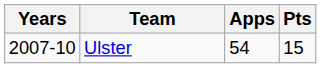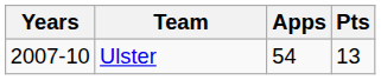 <table class="wikitable" style="text-align:left;">
 <tr>
 <th>Years</th>
 <th width=120px>Team</th>
 <th>Apps</th>
 <th>Pts</th>
 </tr>
 <tr>
 <td>2007-10</td>
 <td><a href='#'>Ulster</a></td>
 <td>54</td>
-<td>15</td>
+<td>13</td>
 </tr>
 </table>
